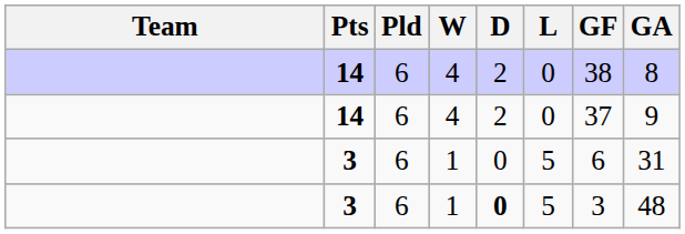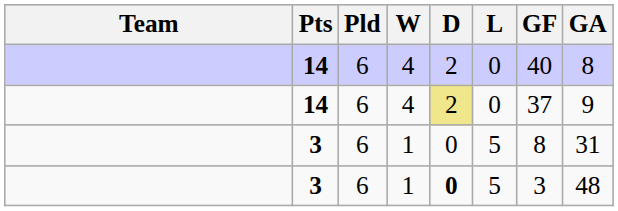 <table class="wikitable" style="text-align: center;">
 <tr>
 <th width=175>Team</th>
 <th width=20 abbr="Points">Pts</th>
 <th width=20 abbr="Played">Pld</th>
 <th width=20 abbr="Won">W</th>
 <th width=20 abbr="Drawn">D</th>
 <th width=20 abbr="Lost">L</th>
 <th width=20 abbr="Goals for">GF</th>
 <th width=20 abbr="Goals against">GA</th>
 </tr>
 <tr align=center bgcolor="#ccccff">
 <td align=left></td>
 <td><strong>14</strong></td>
 <td>6</td>
 <td>4</td>
 <td>2</td>
 <td>0</td>
-<td>38</td>
+<td>40</td>
 <td>8</td>
 </tr>
 <tr align=center>
 <td align=left></td>
 <td><strong>14</strong></td>
 <td>6</td>
 <td>4</td>
-<td>2</td>
+<td style="background: khaki;">2</td>
 <td>0</td>
 <td>37</td>
 <td>9</td>
 </tr>
 <tr align=center>
 <td align=left></td>
 <td><strong>3</strong></td>
 <td>6</td>
 <td>1</td>
 <td>0</td>
 <td>5</td>
-<td>6</td>
+<td>8</td>
 <td>31</td>
 </tr>
 <tr align=center>
 <td align=left></td>
 <td><strong>3</strong></td>
 <td>6</td>
 <td>1</td>
 <td><strong>0</strong></td>
 <td>5</td>
 <td>3</td>
 <td>48</td>
 </tr>
 </table>
